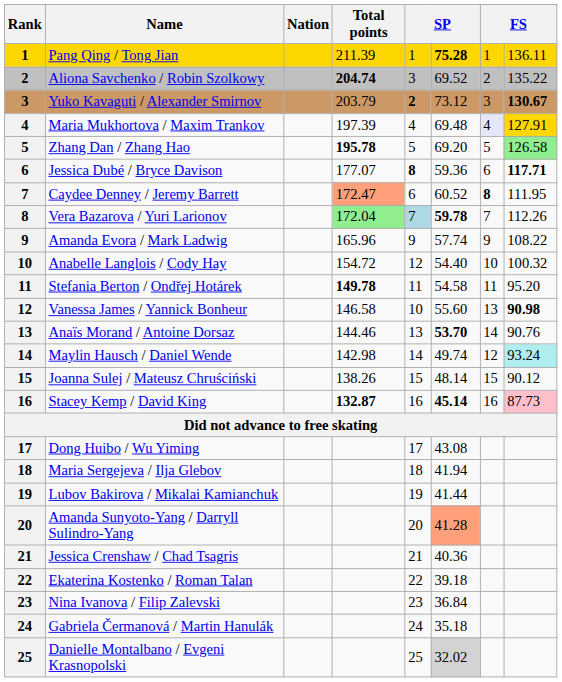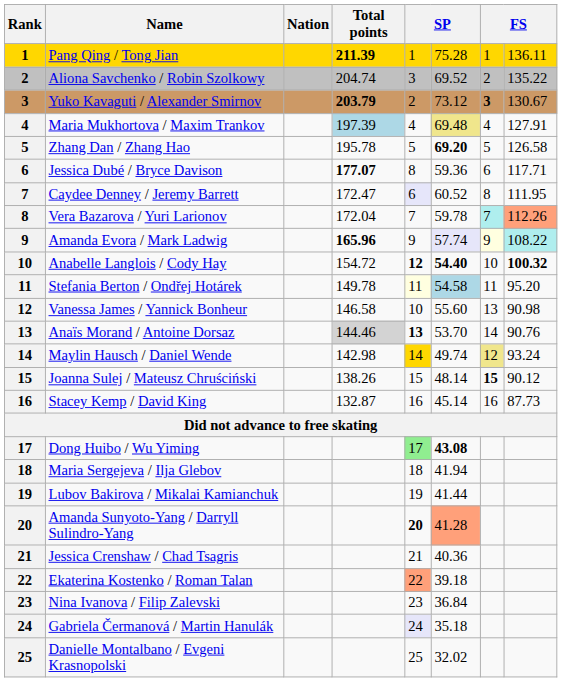 <table class="wikitable sortable">
 <tr>
 <th>Rank</th>
 <th>Name</th>
 <th>Nation</th>
 <th>Total points</th>
 <th colspan="2" width="80px"><a href='#'>SP</a></th>
 <th colspan="2" width="80px"><a href='#'>FS</a></th>
 </tr>
 <tr bgcolor=gold>
 <td align=center><strong>1</strong></td>
 <td><a href='#'>Pang Qing</a> / <a href='#'>Tong Jian</a></td>
 <td></td>
-<td>211.39</td>
+<td><strong>211.39</strong></td>
 <td>1</td>
-<td><strong>75.28</strong></td>
+<td>75.28</td>
 <td>1</td>
 <td>136.11</td>
 </tr>
 <tr bgcolor=silver>
 <td align=center><strong>2</strong></td>
 <td><a href='#'>Aliona Savchenko</a> / <a href='#'>Robin Szolkowy</a></td>
 <td></td>
-<td><strong>204.74</strong></td>
+<td>204.74</td>
 <td>3</td>
 <td>69.52</td>
 <td>2</td>
 <td>135.22</td>
 </tr>
 <tr bgcolor=cc9966>
 <td align=center><strong>3</strong></td>
 <td><a href='#'>Yuko Kavaguti</a> / <a href='#'>Alexander Smirnov</a></td>
 <td></td>
-<td>203.79</td>
-<td><strong>2</strong></td>
+<td><strong>203.79</strong></td>
+<td>2</td>
 <td>73.12</td>
-<td>3</td>
-<td><strong>130.67</strong></td>
+<td><strong>3</strong></td>
+<td>130.67</td>
 </tr>
 <tr>
 <th>4</th>
 <td><a href='#'>Maria Mukhortova</a> / <a href='#'>Maxim Trankov</a></td>
 <td></td>
-<td>197.39</td>
+<td style="background: lightblue;">197.39</td>
 <td>4</td>
-<td>69.48</td>
-<td style="background: lavender;">4</td>
-<td style="background: gold;">127.91</td>
+<td style="background: khaki;">69.48</td>
+<td>4</td>
+<td>127.91</td>
 </tr>
 <tr>
 <th>5</th>
 <td><a href='#'>Zhang Dan</a> / <a href='#'>Zhang Hao</a></td>
 <td></td>
-<td><strong>195.78</strong></td>
+<td>195.78</td>
 <td>5</td>
-<td>69.20</td>
+<td><strong>69.20</strong></td>
 <td>5</td>
-<td style="background: lightgreen;">126.58</td>
+<td>126.58</td>
 </tr>
 <tr>
 <th>6</th>
 <td><a href='#'>Jessica Dubé</a> / <a href='#'>Bryce Davison</a></td>
 <td></td>
-<td>177.07</td>
-<td><strong>8</strong></td>
+<td><strong>177.07</strong></td>
+<td>8</td>
 <td>59.36</td>
 <td>6</td>
-<td><strong>117.71</strong></td>
+<td>117.71</td>
 </tr>
 <tr>
 <th>7</th>
 <td><a href='#'>Caydee Denney</a> / <a href='#'>Jeremy Barrett</a></td>
 <td></td>
-<td style="background: lightsalmon;">172.47</td>
-<td>6</td>
+<td>172.47</td>
+<td style="background: lavender;">6</td>
 <td>60.52</td>
-<td><strong>8</strong></td>
+<td>8</td>
 <td>111.95</td>
 </tr>
 <tr>
 <th>8</th>
 <td><a href='#'>Vera Bazarova</a> / <a href='#'>Yuri Larionov</a></td>
 <td></td>
-<td style="background: lightgreen;">172.04</td>
-<td style="background: lightblue;">7</td>
-<td><strong>59.78</strong></td>
+<td>172.04</td>
 <td>7</td>
-<td>112.26</td>
+<td>59.78</td>
+<td style="background: paleturquoise;">7</td>
+<td style="background: lightsalmon;">112.26</td>
 </tr>
 <tr>
 <th>9</th>
 <td><a href='#'>Amanda Evora</a> / <a href='#'>Mark Ladwig</a></td>
 <td></td>
-<td>165.96</td>
+<td><strong>165.96</strong></td>
 <td>9</td>
-<td>57.74</td>
-<td>9</td>
-<td>108.22</td>
+<td style="background: lavender;">57.74</td>
+<td style="background: lightyellow;">9</td>
+<td style="background: paleturquoise;">108.22</td>
 </tr>
 <tr>
 <th>10</th>
 <td><a href='#'>Anabelle Langlois</a> / <a href='#'>Cody Hay</a></td>
 <td></td>
 <td>154.72</td>
-<td>12</td>
-<td>54.40</td>
+<td><strong>12</strong></td>
+<td><strong>54.40</strong></td>
 <td>10</td>
-<td>100.32</td>
+<td><strong>100.32</strong></td>
 </tr>
 <tr>
 <th>11</th>
 <td><a href='#'>Stefania Berton</a> / <a href='#'>Ondřej Hotárek</a></td>
 <td></td>
-<td><strong>149.78</strong></td>
-<td>11</td>
-<td>54.58</td>
+<td>149.78</td>
+<td style="background: lightyellow;">11</td>
+<td style="background: lightblue;">54.58</td>
 <td>11</td>
 <td>95.20</td>
 </tr>
 <tr>
 <th>12</th>
 <td><a href='#'>Vanessa James</a> / <a href='#'>Yannick Bonheur</a></td>
 <td></td>
 <td>146.58</td>
 <td>10</td>
 <td>55.60</td>
 <td>13</td>
-<td><strong>90.98</strong></td>
+<td>90.98</td>
 </tr>
 <tr>
 <th>13</th>
 <td><a href='#'>Anaïs Morand</a> / <a href='#'>Antoine Dorsaz</a></td>
 <td></td>
-<td>144.46</td>
-<td>13</td>
-<td><strong>53.70</strong></td>
+<td style="background: lightgrey;">144.46</td>
+<td><strong>13</strong></td>
+<td>53.70</td>
 <td>14</td>
 <td>90.76</td>
 </tr>
 <tr>
 <th>14</th>
 <td><a href='#'>Maylin Hausch</a> / <a href='#'>Daniel Wende</a></td>
 <td></td>
 <td>142.98</td>
-<td>14</td>
+<td style="background: gold;">14</td>
 <td>49.74</td>
-<td>12</td>
-<td style="background: paleturquoise;">93.24</td>
+<td style="background: khaki;">12</td>
+<td>93.24</td>
 </tr>
 <tr>
 <th>15</th>
 <td><a href='#'>Joanna Sulej</a> / <a href='#'>Mateusz Chruściński</a></td>
 <td></td>
 <td>138.26</td>
 <td>15</td>
 <td>48.14</td>
-<td>15</td>
+<td><strong>15</strong></td>
 <td>90.12</td>
 </tr>
 <tr>
 <th>16</th>
 <td><a href='#'>Stacey Kemp</a> / <a href='#'>David King</a></td>
 <td></td>
-<td><strong>132.87</strong></td>
+<td>132.87</td>
 <td>16</td>
-<td><strong>45.14</strong></td>
+<td>45.14</td>
 <td>16</td>
-<td style="background: pink;">87.73</td>
+<td>87.73</td>
 </tr>
 <tr>
 <th colspan=8>Did not advance to free skating</th>
 </tr>
 <tr>
 <th>17</th>
 <td><a href='#'>Dong Huibo</a> / <a href='#'>Wu Yiming</a></td>
 <td></td>
 <td></td>
-<td>17</td>
-<td>43.08</td>
+<td style="background: lightgreen;">17</td>
+<td><strong>43.08</strong></td>
 <td></td>
 <td></td>
 </tr>
 <tr>
 <th>18</th>
 <td><a href='#'>Maria Sergejeva</a> / <a href='#'>Ilja Glebov</a></td>
 <td></td>
 <td></td>
 <td>18</td>
 <td>41.94</td>
 <td></td>
 <td></td>
 </tr>
 <tr>
 <th>19</th>
 <td><a href='#'>Lubov Bakirova</a> / <a href='#'>Mikalai Kamianchuk</a></td>
 <td></td>
 <td></td>
 <td>19</td>
 <td>41.44</td>
 <td></td>
 <td></td>
 </tr>
 <tr>
 <th>20</th>
 <td><a href='#'>Amanda Sunyoto-Yang</a> / <a href='#'>Darryll Sulindro-Yang</a></td>
 <td></td>
 <td></td>
-<td>20</td>
+<td><strong>20</strong></td>
 <td style="background: lightsalmon;">41.28</td>
 <td></td>
 <td></td>
 </tr>
 <tr>
 <th>21</th>
 <td><a href='#'>Jessica Crenshaw</a> / <a href='#'>Chad Tsagris</a></td>
 <td></td>
 <td></td>
 <td>21</td>
 <td>40.36</td>
 <td></td>
 <td></td>
 </tr>
 <tr>
 <th>22</th>
 <td><a href='#'>Ekaterina Kostenko</a> / <a href='#'>Roman Talan</a></td>
 <td></td>
 <td></td>
-<td>22</td>
+<td style="background: lightsalmon;">22</td>
 <td>39.18</td>
 <td></td>
 <td></td>
 </tr>
 <tr>
 <th>23</th>
 <td><a href='#'>Nina Ivanova</a> / <a href='#'>Filip Zalevski</a></td>
 <td></td>
 <td></td>
 <td>23</td>
 <td>36.84</td>
 <td></td>
 <td></td>
 </tr>
 <tr>
 <th>24</th>
 <td><a href='#'>Gabriela Čermanová</a> / <a href='#'>Martin Hanulák</a></td>
 <td></td>
 <td></td>
-<td>24</td>
+<td style="background: lavender;">24</td>
 <td>35.18</td>
 <td></td>
 <td></td>
 </tr>
 <tr>
 <th>25</th>
 <td><a href='#'>Danielle Montalbano</a> / <a href='#'>Evgeni Krasnopolski</a></td>
 <td></td>
 <td></td>
 <td>25</td>
-<td style="background: lightgrey;">32.02</td>
+<td>32.02</td>
 <td></td>
 <td></td>
 </tr>
 </table>
